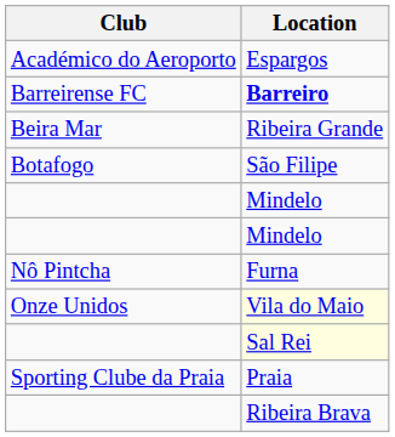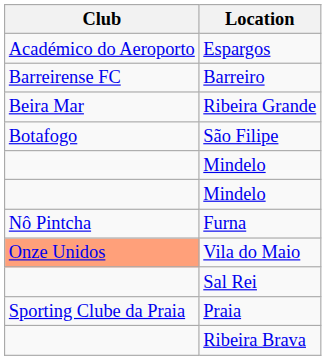 <table class="wikitable sortable">
 <tr>
 <th>Club</th>
 <th>Location</th>
 </tr>
 <tr>
 <td><a href='#'>Académico do Aeroporto</a></td>
 <td><a href='#'>Espargos</a></td>
 </tr>
 <tr>
 <td><a href='#'>Barreirense FC</a></td>
-<td><strong><a href='#'>Barreiro</a></strong></td>
+<td><a href='#'>Barreiro</a></td>
 </tr>
 <tr>
 <td><a href='#'>Beira Mar</a></td>
 <td><a href='#'>Ribeira Grande</a></td>
 </tr>
 <tr>
 <td><a href='#'>Botafogo</a></td>
 <td><a href='#'>São Filipe</a></td>
 </tr>
 <tr>
 <td></td>
 <td><a href='#'>Mindelo</a></td>
 </tr>
 <tr>
 <td></td>
 <td><a href='#'>Mindelo</a></td>
 </tr>
 <tr>
 <td><a href='#'>Nô Pintcha</a></td>
 <td><a href='#'>Furna</a></td>
 </tr>
 <tr>
-<td><a href='#'>Onze Unidos</a></td>
-<td style="background: lightyellow;"><a href='#'>Vila do Maio</a></td>
+<td style="background: lightsalmon;"><a href='#'>Onze Unidos</a></td>
+<td><a href='#'>Vila do Maio</a></td>
 </tr>
 <tr>
 <td></td>
-<td style="background: lightyellow;"><a href='#'>Sal Rei</a></td>
+<td><a href='#'>Sal Rei</a></td>
 </tr>
 <tr>
 <td><a href='#'>Sporting Clube da Praia</a></td>
 <td><a href='#'>Praia</a></td>
 </tr>
 <tr>
 <td></td>
 <td><a href='#'>Ribeira Brava</a></td>
 </tr>
 </table>
